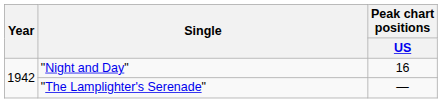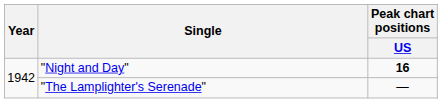 <table class="wikitable" plainrowheaders" style="text-align:center">
 <tr>
 <th rowspan="2">Year</th>
 <th rowspan=2 style=width:26em;>Single</th>
 <th>Peak chart<br>positions</th>
 </tr>
 <tr>
 <th><a href='#'>US</a></th>
 </tr>
 <tr>
 <td rowspan="2">1942</td>
 <td style="text-align:left;">"<a href='#'>Night and Day</a>"</td>
-<td>16</td>
+<td><strong>16</strong></td>
 </tr>
 <tr>
 <td style="text-align:left;">"<a href='#'>The Lamplighter's Serenade</a>"</td>
 <td>—</td>
 </tr>
 </table>
